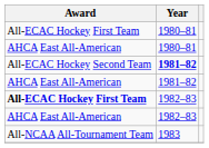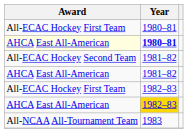 <table class="wikitable">
 <tr>
 <th>Award</th>
 <th>Year</th>
 <th></th>
 </tr>
 <tr>
 <td>All-<a href='#'>ECAC Hockey</a> <a href='#'>First Team</a></td>
 <td><a href='#'>1980–81</a></td>
 <td></td>
 </tr>
 <tr>
-<td><a href='#'>AHCA</a> <a href='#'>East All-American</a></td>
-<td><a href='#'>1980–81</a></td>
+<td style="background: lightyellow;"><a href='#'>AHCA</a> <a href='#'>East All-American</a></td>
+<td><strong><a href='#'>1980–81</a></strong></td>
 <td></td>
 </tr>
 <tr>
 <td>All-<a href='#'>ECAC Hockey</a> <a href='#'>Second Team</a></td>
-<td><strong><a href='#'>1981–82</a></strong></td>
+<td><a href='#'>1981–82</a></td>
 <td></td>
 </tr>
 <tr>
 <td><a href='#'>AHCA</a> <a href='#'>East All-American</a></td>
 <td><a href='#'>1981–82</a></td>
 <td></td>
 </tr>
 <tr>
-<td><strong>All-<a href='#'>ECAC Hockey</a> <a href='#'>First Team</a></strong></td>
+<td>All-<a href='#'>ECAC Hockey</a> <a href='#'>First Team</a></td>
 <td><a href='#'>1982–83</a></td>
 <td></td>
 </tr>
 <tr>
 <td><a href='#'>AHCA</a> <a href='#'>East All-American</a></td>
-<td><a href='#'>1982–83</a></td>
+<td style="background: gold;"><a href='#'>1982–83</a></td>
 <td></td>
 </tr>
 <tr>
 <td>All-<a href='#'>NCAA</a> <a href='#'>All-Tournament Team</a></td>
 <td><a href='#'>1983</a></td>
 <td></td>
 </tr>
 <tr>
 </tr>
 </table>
